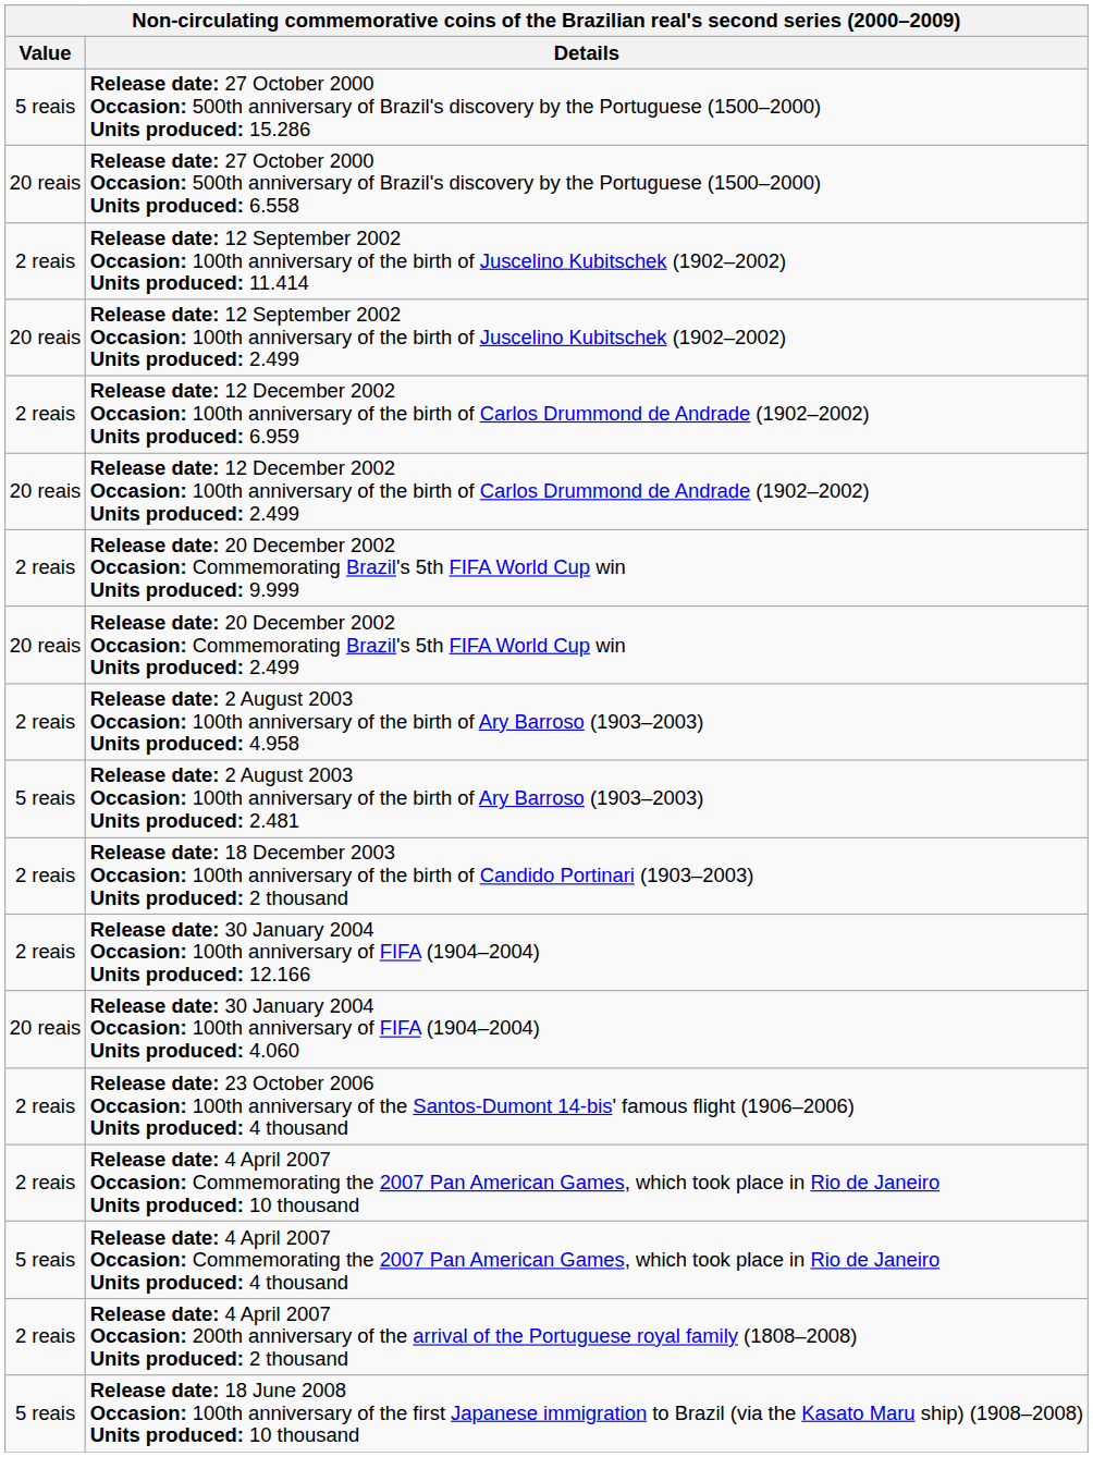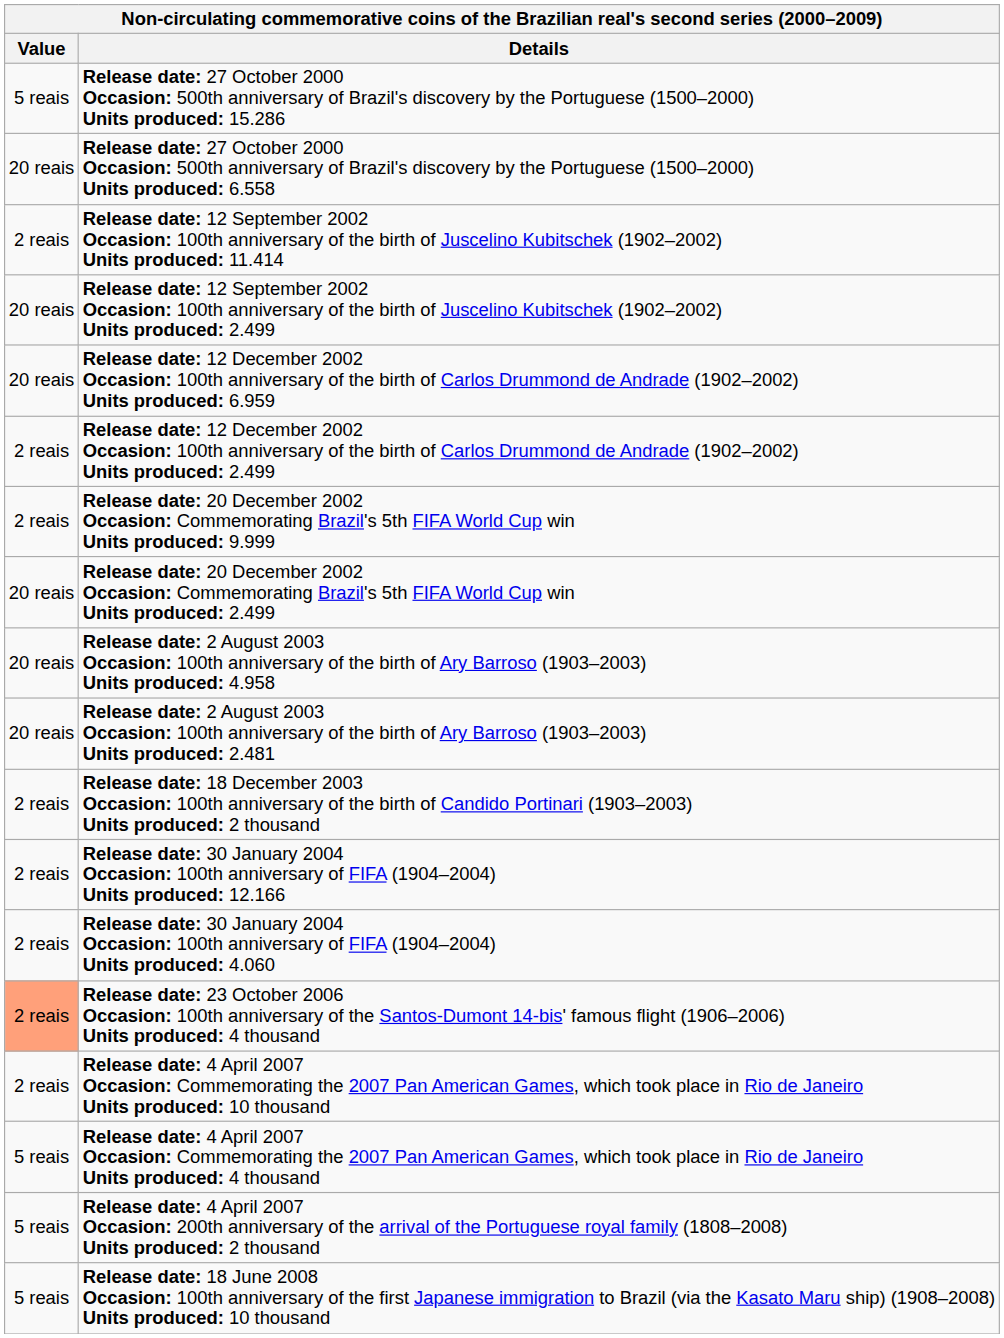 <table border="1" class="wikitable mw-collapsible mw-collapsed">
 <tr>
 <th colspan="3">Non-circulating commemorative coins of the Brazilian real's second series (2000–2009)</th>
 </tr>
 <tr -->
 <th align="Center">Value</th>
 <th align="Center">Details</th>
 </tr>
 <tr -->
 <td align="Center">5 reais</td>
 <td><strong>Release date:</strong> 27 October 2000<br><strong>Occasion:</strong> 500th anniversary of Brazil's discovery by the Portuguese (1500–2000)<br><strong>Units produced:</strong> 15.286</td>
 </tr>
 <tr -->
 <td align="Center">20 reais</td>
 <td><strong>Release date:</strong> 27 October 2000<br><strong>Occasion:</strong> 500th anniversary of Brazil's discovery by the Portuguese (1500–2000)<br><strong>Units produced:</strong> 6.558</td>
 </tr>
 <tr -->
 <td align="Center">2 reais</td>
 <td><strong>Release date:</strong> 12 September 2002<br><strong>Occasion:</strong> 100th anniversary of the birth of <a href='#'>Juscelino Kubitschek</a> (1902–2002)<br><strong>Units produced:</strong> 11.414</td>
 </tr>
 <tr -->
 <td align="Center">20 reais</td>
 <td><strong>Release date:</strong>  12 September 2002<br><strong>Occasion:</strong> 100th anniversary of the birth of <a href='#'>Juscelino Kubitschek</a> (1902–2002)<br><strong>Units produced:</strong> 2.499</td>
 </tr>
 <tr -->
-<td align="Center">2 reais</td>
+<td align="Center">20 reais</td>
 <td><strong>Release date:</strong> 12 December 2002<br><strong>Occasion:</strong> 100th anniversary of the birth of <a href='#'>Carlos Drummond de Andrade</a> (1902–2002)<br><strong>Units produced:</strong> 6.959</td>
 </tr>
 <tr -->
-<td align="Center">20 reais</td>
+<td align="Center">2 reais</td>
 <td><strong>Release date:</strong> 12 December 2002<br><strong>Occasion:</strong> 100th anniversary of the birth of <a href='#'>Carlos Drummond de Andrade</a> (1902–2002)<br><strong>Units produced:</strong> 2.499</td>
 </tr>
 <tr -->
 <td align="Center">2 reais</td>
 <td><strong>Release date:</strong> 20 December 2002<br><strong>Occasion:</strong> Commemorating <a href='#'>Brazil</a>'s 5th <a href='#'>FIFA World Cup</a> win<br><strong>Units produced:</strong> 9.999</td>
 </tr>
 <tr -->
 <td align="Center">20 reais</td>
 <td><strong>Release date:</strong> 20 December 2002<br><strong>Occasion:</strong> Commemorating <a href='#'>Brazil</a>'s 5th <a href='#'>FIFA World Cup</a> win<br><strong>Units produced:</strong> 2.499</td>
 </tr>
 <tr -->
-<td align="Center">2 reais</td>
+<td align="Center">20 reais</td>
 <td><strong>Release date:</strong> 2 August 2003<br><strong>Occasion:</strong> 100th anniversary of the birth of <a href='#'>Ary Barroso</a> (1903–2003)<br><strong>Units produced:</strong> 4.958</td>
 </tr>
 <tr -->
-<td align="Center">5 reais</td>
+<td align="Center">20 reais</td>
 <td><strong>Release date:</strong> 2 August 2003<br><strong>Occasion:</strong> 100th anniversary of the birth of <a href='#'>Ary Barroso</a> (1903–2003)<br><strong>Units produced:</strong> 2.481</td>
 </tr>
 <tr -->
 <td align="Center">2 reais</td>
 <td><strong>Release date:</strong> 18 December 2003<br><strong>Occasion:</strong> 100th anniversary of the birth of <a href='#'>Candido Portinari</a> (1903–2003)<br><strong>Units produced:</strong> 2 thousand</td>
 </tr>
 <tr -->
 <td align="Center">2 reais</td>
 <td><strong>Release date:</strong> 30 January 2004<br><strong>Occasion:</strong> 100th anniversary of <a href='#'>FIFA</a> (1904–2004)<br><strong>Units produced:</strong> 12.166</td>
 </tr>
 <tr -->
-<td align="Center">20 reais</td>
+<td align="Center">2 reais</td>
 <td><strong>Release date:</strong> 30 January 2004<br><strong>Occasion:</strong> 100th anniversary of <a href='#'>FIFA</a> (1904–2004)<br><strong>Units produced:</strong> 4.060</td>
 </tr>
 <tr -->
-<td align="Center">2 reais</td>
+<td align="Center" style="background: lightsalmon;">2 reais</td>
 <td><strong>Release date:</strong> 23 October 2006<br><strong>Occasion:</strong> 100th anniversary of the <a href='#'>Santos-Dumont 14-bis</a>' famous flight (1906–2006)<br><strong>Units produced:</strong> 4 thousand</td>
 </tr>
 <tr -->
 <td align="Center">2 reais</td>
 <td><strong>Release date:</strong> 4 April 2007<br><strong>Occasion:</strong> Commemorating the <a href='#'>2007 Pan American Games</a>, which took place in <a href='#'>Rio de Janeiro</a><br><strong>Units produced:</strong> 10 thousand</td>
 </tr>
 <tr -->
 <td align="Center">5 reais</td>
 <td><strong>Release date:</strong> 4 April 2007<br><strong>Occasion:</strong> Commemorating the <a href='#'>2007 Pan American Games</a>, which took place in <a href='#'>Rio de Janeiro</a><br><strong>Units produced:</strong> 4 thousand</td>
 </tr>
 <tr -->
-<td align="Center">2 reais</td>
+<td align="Center">5 reais</td>
 <td><strong>Release date:</strong> 4 April 2007<br><strong>Occasion:</strong> 200th anniversary of the <a href='#'>arrival of the Portuguese royal family</a> (1808–2008)<br><strong>Units produced:</strong> 2 thousand</td>
 </tr>
 <tr -->
 <td align="Center">5 reais</td>
 <td><strong>Release date:</strong> 18 June 2008<br><strong>Occasion:</strong> 100th anniversary of the first <a href='#'>Japanese immigration</a> to Brazil (via the <a href='#'>Kasato Maru</a> ship) (1908–2008)<br><strong>Units produced:</strong> 10 thousand</td>
 </tr>
 </table>
